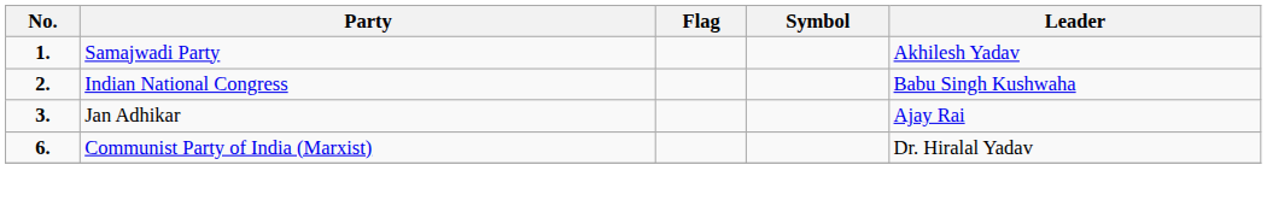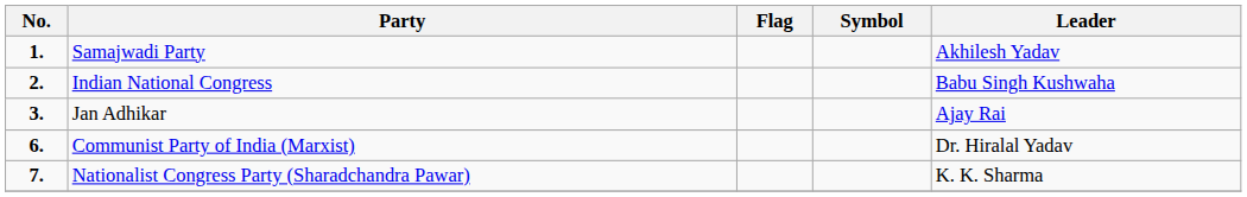 <table class="wikitable" style="width:80%">
 <tr>
 <th>No.</th>
 <th>Party</th>
 <th>Flag</th>
 <th>Symbol</th>
 <th>Leader</th>
 </tr>
 <tr>
 <td style="text-align:center; background:"><strong>1.</strong></td>
 <td><a href='#'>Samajwadi Party</a></td>
 <td></td>
 <td></td>
 <td><a href='#'>Akhilesh Yadav</a></td>
 </tr>
 <tr>
 <td style="text-align:center; background:"><strong>2.</strong></td>
 <td><a href='#'>Indian National Congress</a></td>
 <td></td>
 <td></td>
 <td><a href='#'>Babu Singh Kushwaha</a></td>
 </tr>
 <tr>
 <td style="text-align:center; background:"><strong>3.</strong></td>
 <td>Jan Adhikar </td>
 <td></td>
 <td></td>
 <td><a href='#'>Ajay Rai</a></td>
 </tr>
 <tr>
 <td style="text-align:center; background:"><strong>6.</strong></td>
 <td><a href='#'>Communist Party of India (Marxist)</a></td>
 <td></td>
 <td></td>
 <td>Dr. Hiralal Yadav</td>
 </tr>
 <tr>
+<td style="text-align:center; background:"><strong>7.</strong></td>
+<td><a href='#'>Nationalist Congress Party (Sharadchandra Pawar)</a></td>
+<td></td>
+<td></td>
+<td>K. K. Sharma</td>
+</tr>
+<tr>
 </tr>
 </table>
